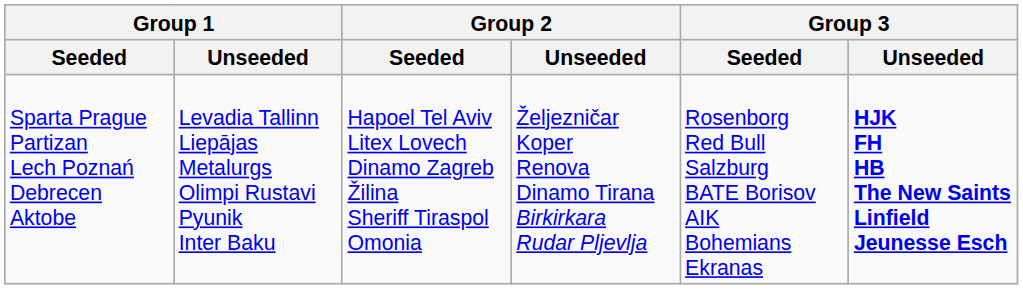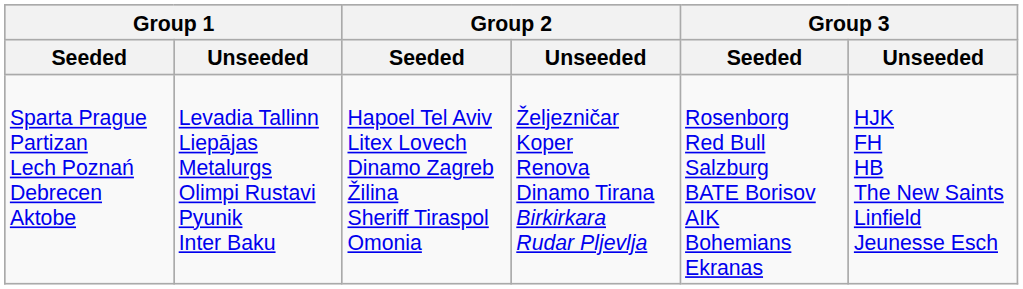 <table class="wikitable" style="font-size:80%">
 <tr>
 <th colspan=2>Group 1</th>
 <th colspan=2>Group 2</th>
 <th colspan=2>Group 3</th>
 </tr>
 <tr>
 <th width=16%>Seeded</th>
 <th width=16%>Unseeded</th>
 <th width=16%>Seeded</th>
 <th width=16%>Unseeded</th>
 <th width=16%>Seeded</th>
 <th width=16%>Unseeded</th>
 </tr>
 <tr>
 <td valign=top><br> <a href='#'>Sparta Prague</a><br>  <a href='#'>Partizan</a><br>  <a href='#'>Lech Poznań</a><br>  <a href='#'>Debrecen</a><br>  <a href='#'>Aktobe</a></td>
 <td valign=top><br> <a href='#'>Levadia Tallinn</a><br>  <a href='#'>Liepājas Metalurgs</a><br>  <a href='#'>Olimpi Rustavi</a><br>  <a href='#'>Pyunik</a><br>  <a href='#'>Inter Baku</a></td>
 <td valign=top><br> <a href='#'>Hapoel Tel Aviv</a><br>  <a href='#'>Litex Lovech</a><br>  <a href='#'>Dinamo Zagreb</a><br>  <a href='#'>Žilina</a><br>  <a href='#'>Sheriff Tiraspol</a><br>  <a href='#'>Omonia</a></td>
 <td valign=top><br> <a href='#'>Željezničar</a><br>  <a href='#'>Koper</a><br>  <a href='#'>Renova</a><br>  <a href='#'>Dinamo Tirana</a><br>  <em><a href='#'>Birkirkara</a></em><br>  <em><a href='#'>Rudar Pljevlja</a></em></td>
 <td valign=top><br> <a href='#'>Rosenborg</a><br>  <a href='#'>Red Bull Salzburg</a><br>  <a href='#'>BATE Borisov</a><br>  <a href='#'>AIK</a><br>  <a href='#'>Bohemians</a><br>  <a href='#'>Ekranas</a></td>
-<td valign=top><strong><br> <a href='#'>HJK</a><br>  <a href='#'>FH</a><br>  <a href='#'>HB</a><br>  <a href='#'>The New Saints</a><br>  <a href='#'>Linfield</a><br>  <a href='#'>Jeunesse Esch</a></strong></td>
+<td valign=top><br> <a href='#'>HJK</a><br>  <a href='#'>FH</a><br>  <a href='#'>HB</a><br>  <a href='#'>The New Saints</a><br>  <a href='#'>Linfield</a><br>  <a href='#'>Jeunesse Esch</a></td>
 </tr>
 </table>
